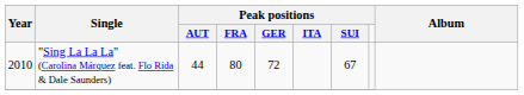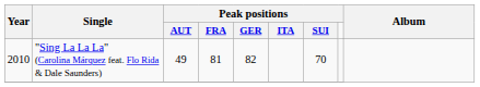 <table class="wikitable">
 <tr>
 <th align="center" rowspan="2" width="10">Year</th>
 <th align="center" rowspan="2" width="180">Single</th>
 <th align="center" colspan="10">Peak positions</th>
 <th align="center" rowspan="2" width="180">Album</th>
 </tr>
 <tr>
 <th scope="col" style="width:3em;font-size:90%;"><a href='#'>AUT</a><br></th>
 <th scope="col" style="width:3em;font-size:90%;"><a href='#'>FRA</a><br></th>
 <th scope="col" style="width:3em;font-size:90%;"><a href='#'>GER</a></th>
 <th scope="col" style="width:3em;font-size:90%;"><a href='#'>ITA</a></th>
 <th scope="col" style="width:3em;font-size:90%;"><a href='#'>SUI</a></th>
 </tr>
 <tr>
 <td align="center" rowspan="1">2010</td>
 <td>"<a href='#'>Sing La La La</a>"<br><small>(<a href='#'>Carolina Márquez</a> feat. <a href='#'>Flo Rida</a> & Dale Saunders)</small></td>
-<td align="center">44</td>
-<td align="center">80</td>
-<td align="center">72</td>
+<td align="center">49</td>
+<td align="center">81</td>
+<td align="center">82</td>
 <td align="center"></td>
-<td align="center">67</td>
+<td align="center">70</td>
 <td align="center" rowspan="1"></td>
 </tr>
 <tr>
 </tr>
 </table>
